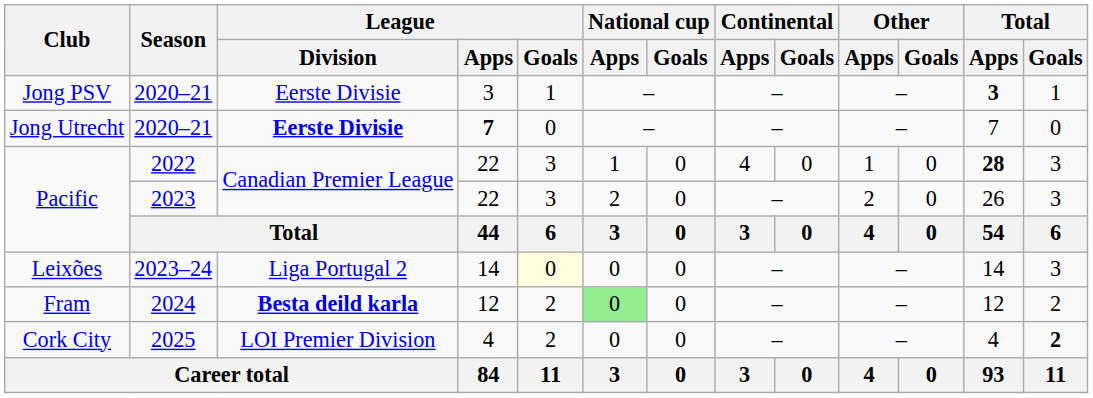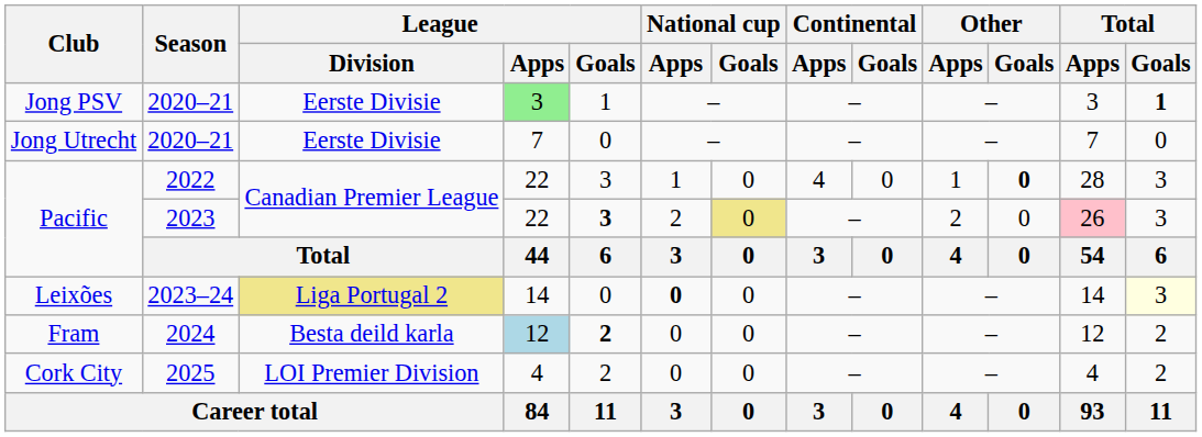 <table class="wikitable" style="text-align:center">
 <tr>
 <th rowspan="2">Club</th>
 <th rowspan="2">Season</th>
 <th colspan="3">League</th>
 <th colspan="2">National cup</th>
 <th colspan="2">Continental</th>
 <th colspan="2">Other</th>
 <th colspan="2">Total</th>
 </tr>
 <tr>
 <th>Division</th>
 <th>Apps</th>
 <th>Goals</th>
 <th>Apps</th>
 <th>Goals</th>
 <th>Apps</th>
 <th>Goals</th>
 <th>Apps</th>
 <th>Goals</th>
 <th>Apps</th>
 <th>Goals</th>
 </tr>
 <tr>
 <td><a href='#'>Jong PSV</a></td>
 <td><a href='#'>2020–21</a></td>
 <td><a href='#'>Eerste Divisie</a></td>
-<td>3</td>
+<td style="background: lightgreen;">3</td>
 <td>1</td>
 <td colspan="2">–</td>
 <td colspan="2">–</td>
 <td colspan="2">–</td>
-<td><strong>3</strong></td>
-<td>1</td>
+<td>3</td>
+<td><strong>1</strong></td>
 </tr>
 <tr>
 <td><a href='#'>Jong Utrecht</a></td>
 <td><a href='#'>2020–21</a></td>
-<td><strong><a href='#'>Eerste Divisie</a></strong></td>
-<td><strong>7</strong></td>
+<td><a href='#'>Eerste Divisie</a></td>
+<td>7</td>
 <td>0</td>
 <td colspan="2">–</td>
 <td colspan="2">–</td>
 <td colspan="2">–</td>
 <td>7</td>
 <td>0</td>
 </tr>
 <tr>
 <td rowspan="3"><a href='#'>Pacific</a></td>
 <td><a href='#'>2022</a></td>
 <td rowspan="2"><a href='#'>Canadian Premier League</a></td>
 <td>22</td>
 <td>3</td>
 <td>1</td>
 <td>0</td>
 <td>4</td>
 <td>0</td>
 <td>1</td>
-<td>0</td>
-<td><strong>28</strong></td>
+<td><strong>0</strong></td>
+<td>28</td>
 <td>3</td>
 </tr>
 <tr>
 <td><a href='#'>2023</a></td>
 <td>22</td>
-<td>3</td>
+<td><strong>3</strong></td>
 <td>2</td>
-<td>0</td>
+<td style="background: khaki;">0</td>
 <td colspan="2">–</td>
 <td>2</td>
 <td>0</td>
-<td>26</td>
+<td style="background: pink;">26</td>
 <td>3</td>
 </tr>
 <tr>
 <th colspan="2">Total</th>
 <th>44</th>
 <th>6</th>
 <th>3</th>
 <th>0</th>
 <th>3</th>
 <th>0</th>
 <th>4</th>
 <th>0</th>
 <th>54</th>
 <th>6</th>
 </tr>
 <tr>
 <td><a href='#'>Leixões</a></td>
 <td><a href='#'>2023–24</a></td>
-<td><a href='#'>Liga Portugal 2</a></td>
+<td style="background: khaki;"><a href='#'>Liga Portugal 2</a></td>
 <td>14</td>
-<td style="background: lightyellow;">0</td>
 <td>0</td>
+<td><strong>0</strong></td>
 <td>0</td>
 <td colspan="2">–</td>
 <td colspan="2">–</td>
 <td>14</td>
-<td>3</td>
+<td style="background: lightyellow;">3</td>
 </tr>
 <tr>
 <td><a href='#'>Fram</a></td>
 <td><a href='#'>2024</a></td>
-<td><strong><a href='#'>Besta deild karla</a></strong></td>
-<td>12</td>
-<td>2</td>
-<td style="background: lightgreen;">0</td>
+<td><a href='#'>Besta deild karla</a></td>
+<td style="background: lightblue;">12</td>
+<td><strong>2</strong></td>
+<td>0</td>
 <td>0</td>
 <td colspan="2">–</td>
 <td colspan="2">–</td>
 <td>12</td>
 <td>2</td>
 </tr>
 <tr>
 <td><a href='#'>Cork City</a></td>
 <td><a href='#'>2025</a></td>
 <td><a href='#'>LOI Premier Division</a></td>
 <td>4</td>
 <td>2</td>
 <td>0</td>
 <td>0</td>
 <td colspan="2">–</td>
 <td colspan="2">–</td>
 <td>4</td>
-<td><strong>2</strong></td>
+<td>2</td>
 </tr>
 <tr>
 <th colspan="3">Career total</th>
 <th>84</th>
 <th>11</th>
 <th>3</th>
 <th>0</th>
 <th>3</th>
 <th>0</th>
 <th>4</th>
 <th>0</th>
 <th>93</th>
 <th>11</th>
 </tr>
 </table>
